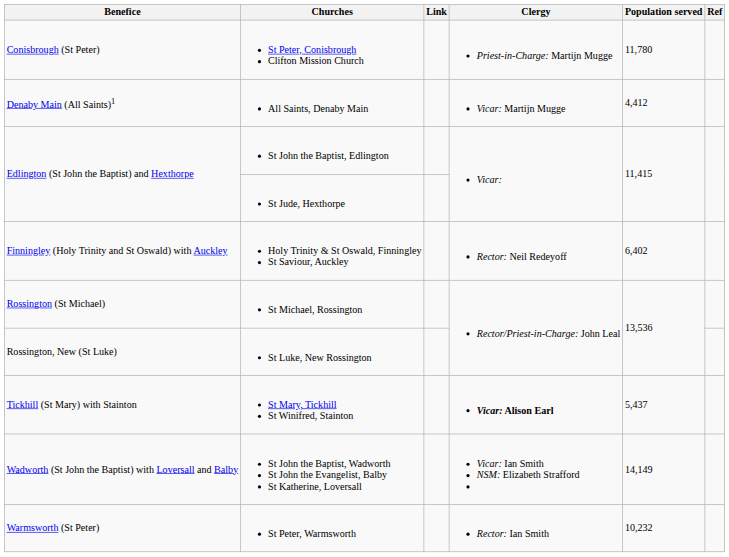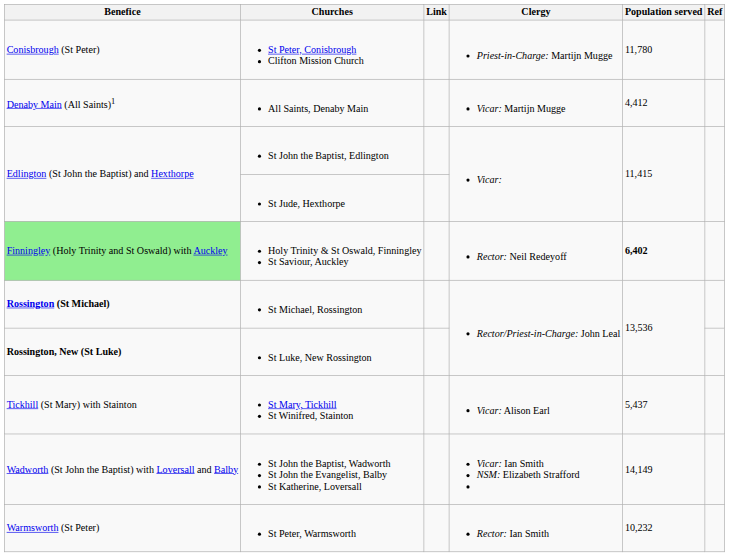 <table class="wikitable">
 <tr>
 <th>Benefice</th>
 <th>Churches</th>
 <th>Link</th>
 <th>Clergy</th>
 <th>Population served</th>
 <th>Ref</th>
 </tr>
 <tr>
 <td><a href='#'>Conisbrough</a> (St Peter)</td>
 <td><br><ul><li><a href='#'>St Peter, Conisbrough</a></li><li>Clifton Mission Church</li></ul></td>
 <td></td>
 <td><br><ul><li><em>Priest-in-Charge:</em> Martijn Mugge</li></ul></td>
 <td>11,780</td>
 <td></td>
 </tr>
 <tr>
 <td><a href='#'>Denaby Main</a> (All Saints)<sup>1</sup></td>
 <td><br><ul><li>All Saints, Denaby Main</li></ul></td>
 <td></td>
 <td><br><ul><li><em>Vicar:</em> Martijn Mugge</li></ul></td>
 <td>4,412</td>
 <td></td>
 </tr>
 <tr>
 <td rowspan="2"><a href='#'>Edlington</a> (St John the Baptist) and <a href='#'>Hexthorpe</a></td>
 <td><br><ul><li>St John the Baptist, Edlington</li></ul></td>
 <td></td>
 <td rowspan="2"><br><ul><li><em>Vicar:</em></li></ul></td>
 <td rowspan="2">11,415</td>
 <td rowspan="2"></td>
 </tr>
 <tr>
 <td><br><ul><li>St Jude, Hexthorpe</li></ul></td>
 <td></td>
 </tr>
 <tr>
-<td><a href='#'>Finningley</a> (Holy Trinity and St Oswald) with <a href='#'>Auckley</a></td>
+<td style="background: lightgreen;"><a href='#'>Finningley</a> (Holy Trinity and St Oswald) with <a href='#'>Auckley</a></td>
 <td><br><ul><li>Holy Trinity & St Oswald, Finningley</li><li>St Saviour, Auckley</li></ul></td>
 <td></td>
 <td><br><ul><li><em>Rector:</em> Neil Redeyoff</li></ul></td>
-<td>6,402</td>
+<td><strong>6,402</strong></td>
 <td></td>
 </tr>
 <tr>
-<td><a href='#'>Rossington</a> (St Michael)</td>
+<td><strong><a href='#'>Rossington</a> (St Michael)</strong></td>
 <td><br><ul><li>St Michael, Rossington</li></ul></td>
 <td></td>
 <td rowspan="2"><br><ul><li><em>Rector/Priest-in-Charge:</em> John Leal</li></ul></td>
 <td rowspan="2">13,536</td>
 <td></td>
 </tr>
 <tr>
-<td>Rossington, New (St Luke)</td>
+<td><strong>Rossington, New (St Luke)</strong></td>
 <td><br><ul><li>St Luke, New Rossington</li></ul></td>
 <td></td>
 <td></td>
 </tr>
 <tr>
 <td><a href='#'>Tickhill</a> (St Mary) with Stainton</td>
 <td><br><ul><li><a href='#'>St Mary, Tickhill</a></li><li>St Winifred, Stainton</li></ul></td>
 <td></td>
-<td><strong><br><ul><li><em>Vicar:</em> Alison Earl</li></ul></strong></td>
+<td><br><ul><li><em>Vicar:</em> Alison Earl</li></ul></td>
 <td>5,437</td>
 <td></td>
 </tr>
 <tr>
 <td><a href='#'>Wadworth</a> (St John the Baptist) with <a href='#'>Loversall</a> and <a href='#'>Balby</a></td>
 <td><br><ul><li>St John the Baptist, Wadworth</li><li>St John the Evangelist, Balby</li><li>St Katherine, Loversall</li></ul></td>
 <td></td>
 <td><br><ul><li><em>Vicar:</em> Ian Smith</li><li><em>NSM:</em> Elizabeth Strafford</li><li></li></ul></td>
 <td>14,149</td>
 <td></td>
 </tr>
 <tr>
 <td><a href='#'>Warmsworth</a> (St Peter)</td>
 <td><br><ul><li>St Peter, Warmsworth</li></ul></td>
 <td></td>
 <td><br><ul><li><em>Rector:</em> Ian Smith</li></ul></td>
 <td>10,232</td>
 <td></td>
 </tr>
 </table>
